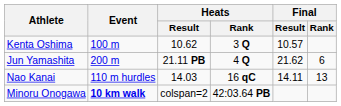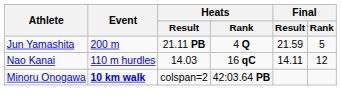 <table class="wikitable" style="font-size:90%">
 <tr>
 <th rowspan=2>Athlete</th>
 <th rowspan=2>Event</th>
 <th colspan=2>Heats</th>
 <th colspan=2>Final</th>
 </tr>
 <tr style="font-size:95%">
 <th>Result</th>
 <th>Rank</th>
 <th>Result</th>
 <th>Rank</th>
 </tr>
 <tr align=center>
-<td align=left><a href='#'>Kenta Oshima</a></td>
-<td align=left><a href='#'>100 m</a></td>
-<td>10.62</td>
-<td>3 <strong>Q</strong></td>
-<td>10.57</td>
-<td></td>
-</tr>
-<tr align=center>
 <td align=left><a href='#'>Jun Yamashita</a></td>
 <td align=left><a href='#'>200 m</a></td>
 <td>21.11 <strong>PB</strong></td>
 <td>4 <strong>Q</strong></td>
-<td>21.62</td>
-<td>6</td>
+<td>21.59</td>
+<td>5</td>
 </tr>
 <tr align=center>
 <td align=left><a href='#'>Nao Kanai</a></td>
 <td align=left><a href='#'>110 m hurdles</a></td>
 <td>14.03</td>
 <td>16 <strong>qC</strong></td>
 <td>14.11</td>
-<td>13</td>
+<td>12</td>
 </tr>
 <tr align=center>
 <td align=left><a href='#'>Minoru Onogawa</a></td>
 <td align=left><strong><a href='#'>10 km walk</a></strong></td>
 <td>colspan=2 </td>
 <td>42:03.64 <strong>PB</strong></td>
 <td></td>
 </tr>
 </table>
